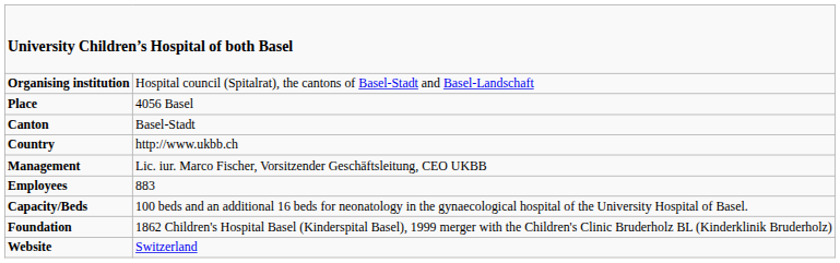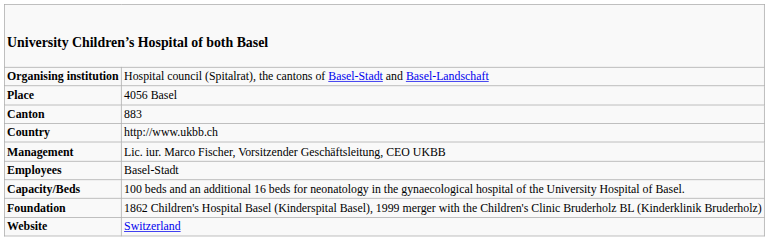 <table class="wikitable">
 <tr class="hintergrundfarbe8">
 <td colspan="2"><br><h3>University Children’s Hospital of both Basel</h3></td>
 </tr>
 <tr>
 <td><strong>Organising institution</strong></td>
 <td>Hospital council (Spitalrat), the cantons of <a href='#'>Basel-Stadt</a> and <a href='#'>Basel-Landschaft</a></td>
 </tr>
 <tr>
 <td><strong>Place</strong></td>
 <td>4056 Basel</td>
 </tr>
 <tr>
 <td><strong>Canton</strong></td>
-<td>Basel-Stadt</td>
+<td>883</td>
 </tr>
 <tr>
 <td><strong>Country</strong></td>
 <td>http://www.ukbb.ch</td>
 </tr>
 <tr>
 <td><strong>Management</strong></td>
 <td>Lic. iur. Marco Fischer, Vorsitzender Geschäftsleitung, CEO UKBB </td>
 </tr>
 <tr>
 <td><strong>Employees</strong></td>
-<td>883</td>
+<td>Basel-Stadt</td>
 </tr>
 <tr>
 <td><strong>Capacity/Beds</strong></td>
 <td>100 beds and an additional 16 beds for neonatology in the gynaecological hospital of the University Hospital of Basel.</td>
 </tr>
 <tr>
 <td><strong>Foundation </strong></td>
 <td>1862 Children's Hospital Basel (Kinderspital Basel), 1999 merger with the Children's Clinic Bruderholz BL (Kinderklinik Bruderholz)</td>
 </tr>
 <tr>
 <td><strong>Website</strong></td>
 <td><a href='#'>Switzerland</a></td>
 </tr>
 </table>
